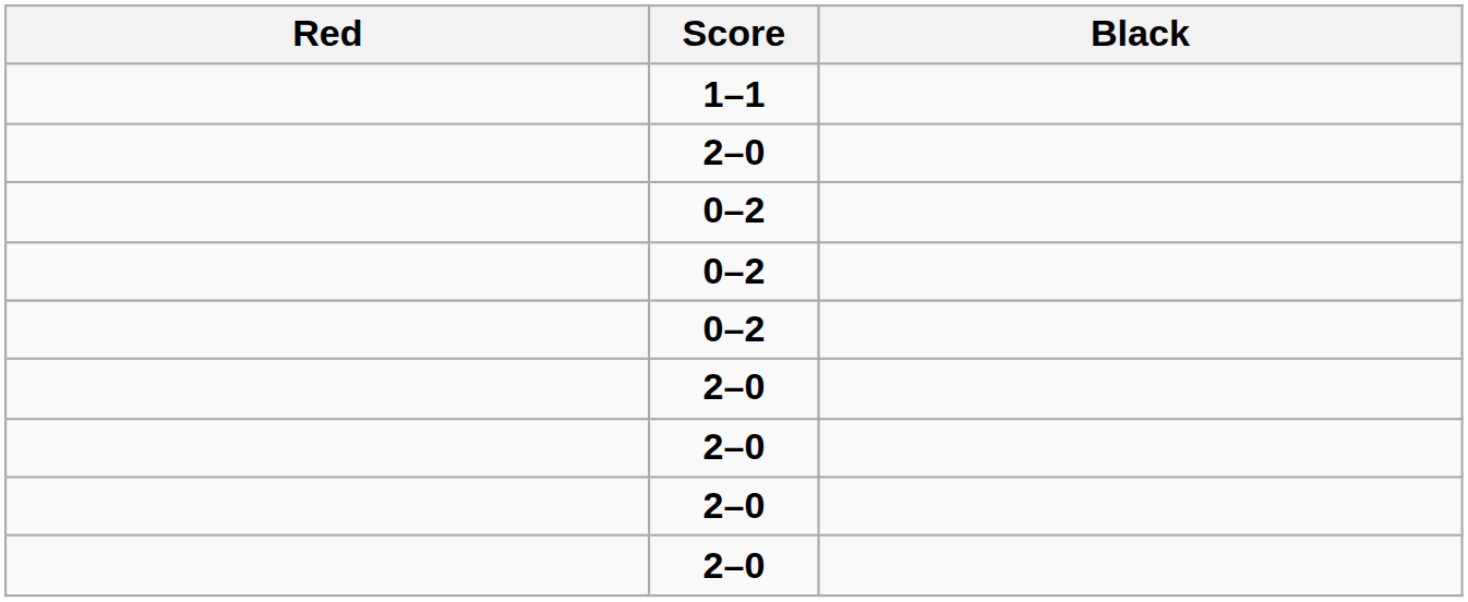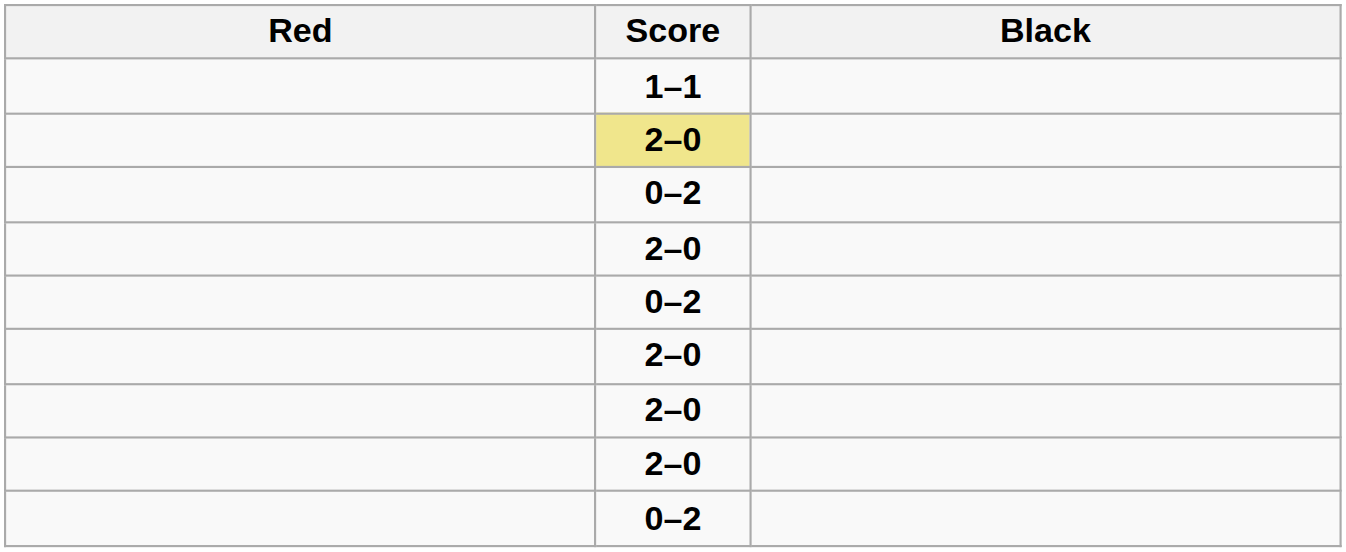 <table class="wikitable" style="text-align: center;">
 <tr>
 <th align="right" width="270">Red</th>
 <th width="65">Score</th>
 <th align="left" width="270">Black</th>
 </tr>
 <tr>
 <td align=left></td>
 <td align=center><strong>1–1</strong></td>
 <td align=left></td>
 </tr>
 <tr>
 <td align=left><strong></strong></td>
-<td align=center><strong>2–0</strong></td>
+<td align=center style="background: khaki;"><strong>2–0</strong></td>
 <td align=left></td>
 </tr>
 <tr>
 <td align=left></td>
 <td align=center><strong>0–2</strong></td>
 <td align=left><strong></strong></td>
 </tr>
 <tr>
 <td align=left><strong></strong></td>
-<td align=center><strong>0–2</strong></td>
+<td align=center><strong>2–0</strong></td>
 <td align=left></td>
 </tr>
 <tr>
 <td align=left></td>
 <td align=center><strong>0–2</strong></td>
 <td align=left><strong></strong></td>
 </tr>
 <tr>
 <td align=left><strong></strong></td>
 <td align=center><strong>2–0</strong></td>
 <td align=left></td>
 </tr>
 <tr>
 <td align=left></td>
 <td align=center><strong>2–0</strong></td>
 <td align=left></td>
 </tr>
 <tr>
 <td align=left><strong></strong></td>
 <td align=center><strong>2–0</strong></td>
 <td align=left></td>
 </tr>
 <tr>
 <td align=left><strong></strong></td>
-<td align=center><strong>2–0</strong></td>
+<td align=center><strong>0–2</strong></td>
 <td align=left></td>
 </tr>
 </table>
